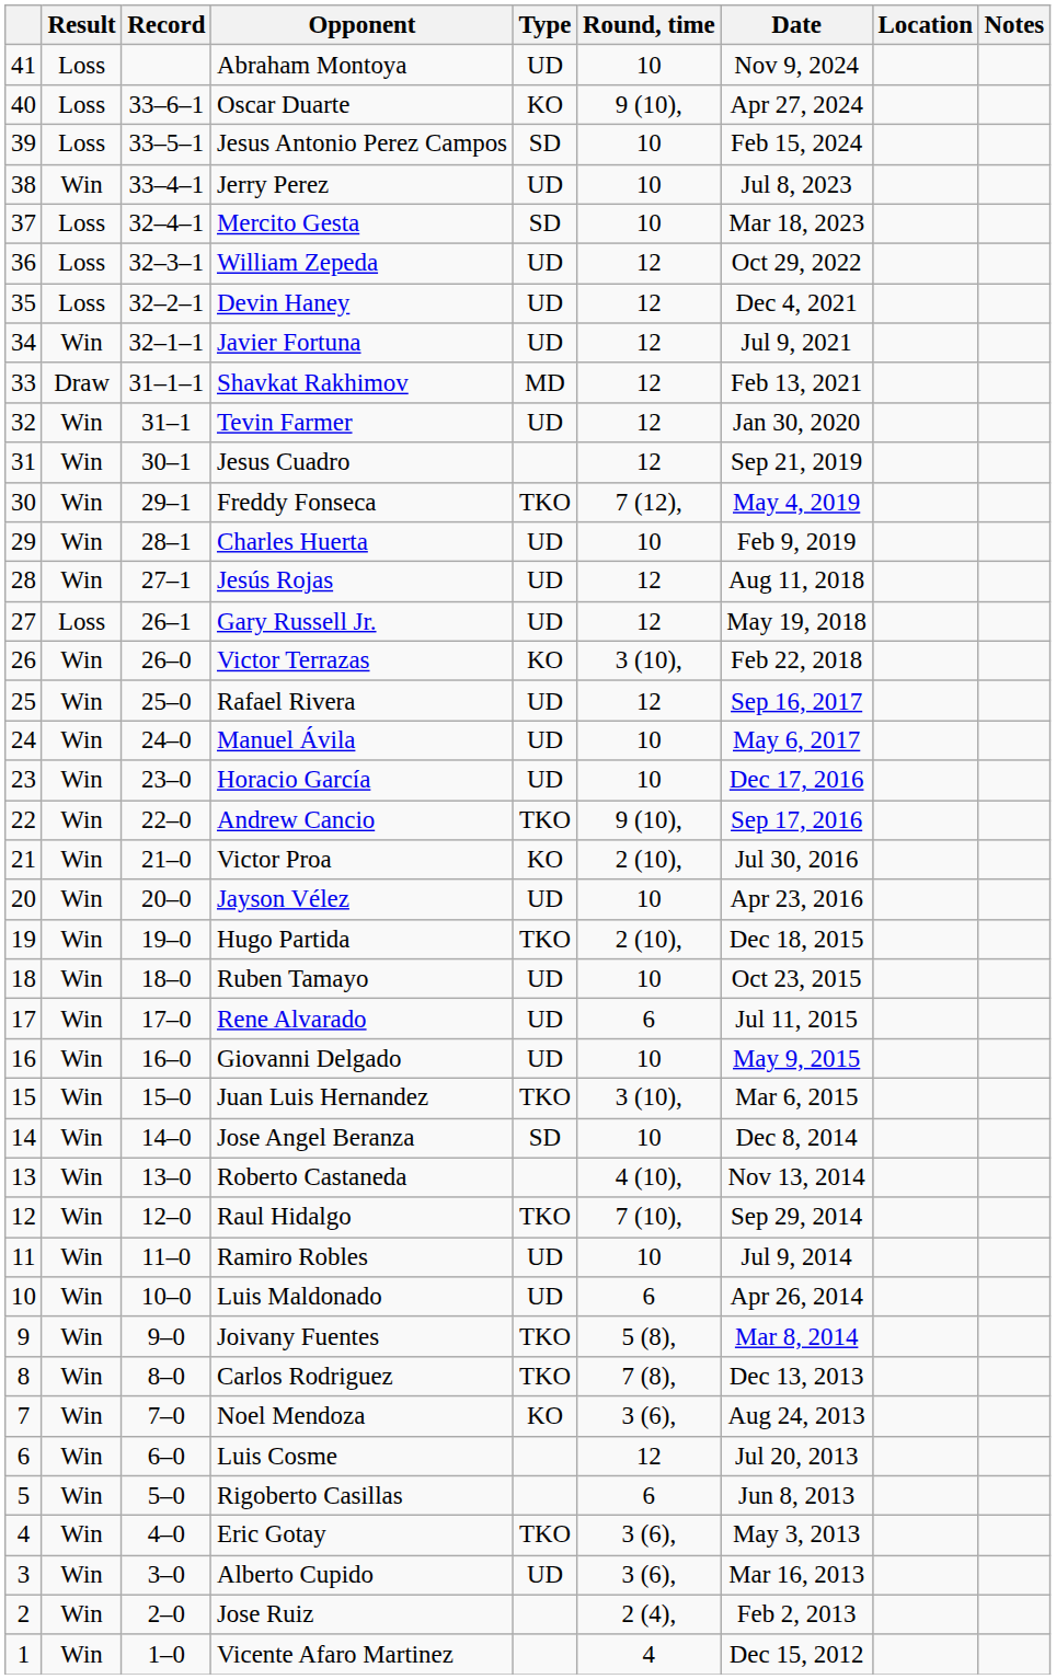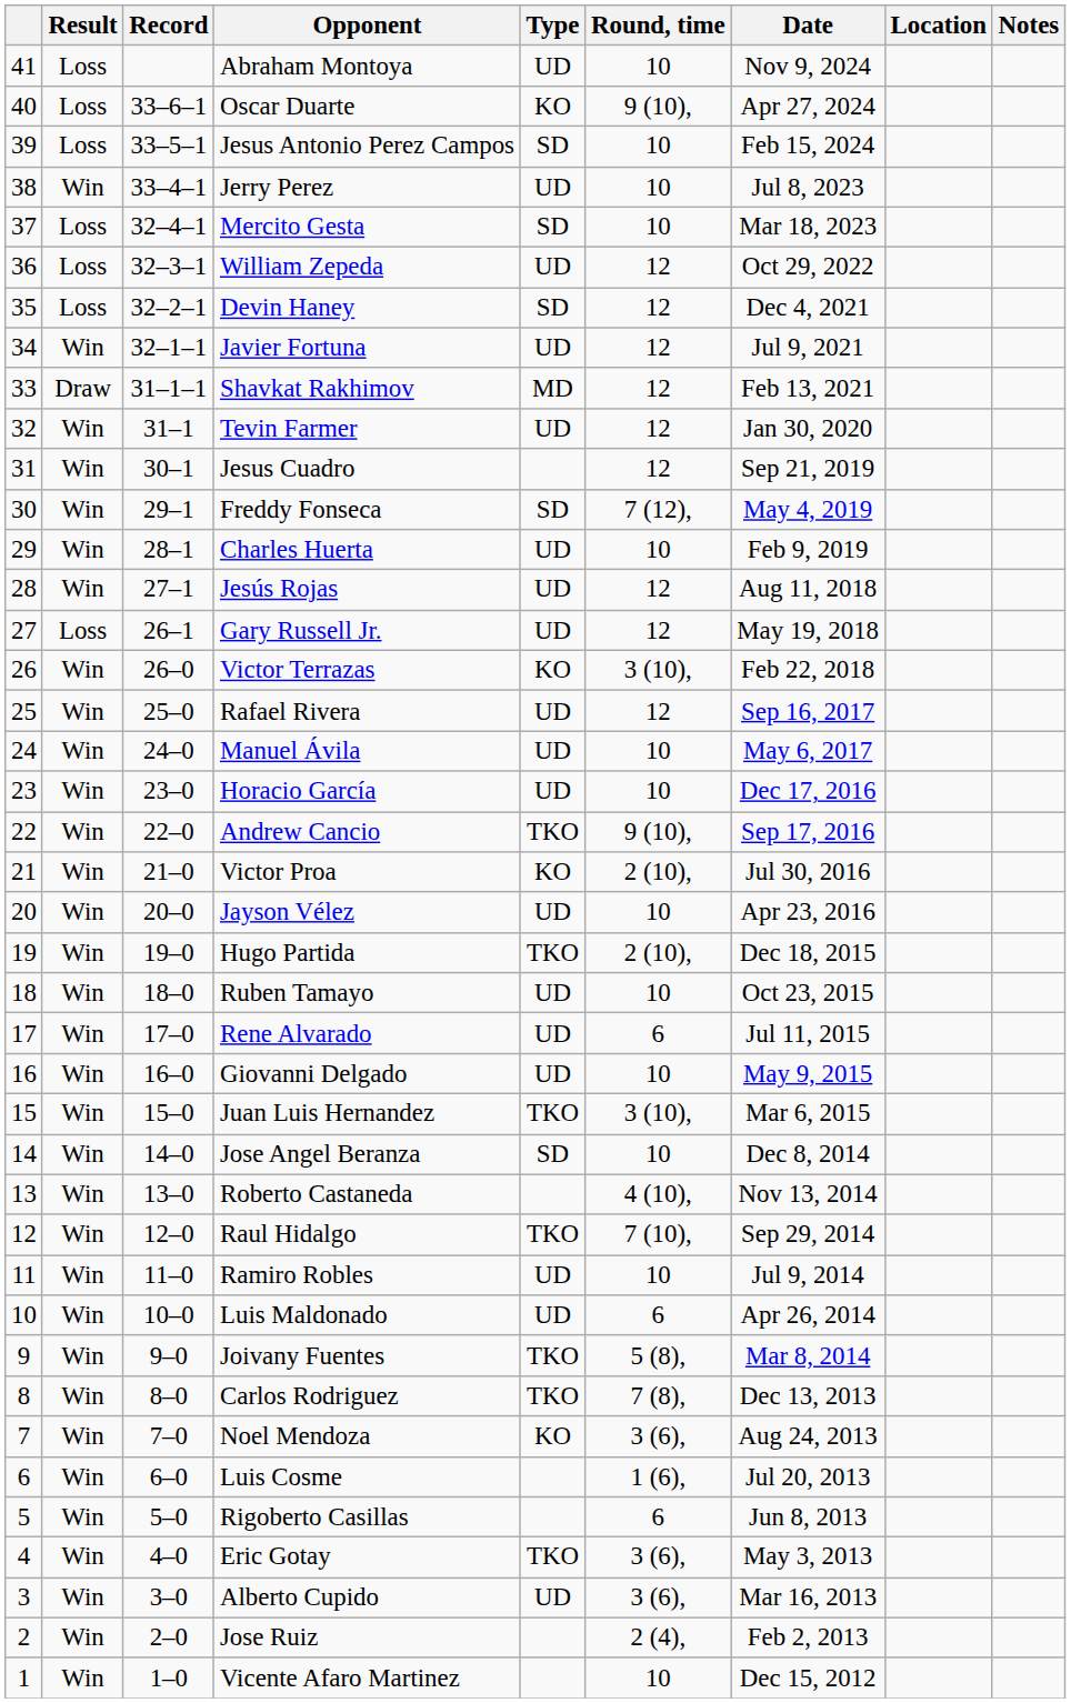 <table class="wikitable" style="text-align:center">
 <tr>
 <th></th>
 <th>Result</th>
 <th>Record</th>
 <th>Opponent</th>
 <th>Type</th>
 <th>Round, time</th>
 <th>Date</th>
 <th>Location</th>
 <th>Notes</th>
 </tr>
 <tr>
 <td>41</td>
 <td>Loss</td>
 <td></td>
 <td style="text-align:left;">Abraham Montoya</td>
 <td>UD</td>
 <td>10</td>
 <td>Nov 9, 2024</td>
 <td style="text-align:left;"></td>
 <td></td>
 </tr>
 <tr>
 <td>40</td>
 <td>Loss</td>
 <td>33–6–1</td>
 <td style="text-align:left;">Oscar Duarte</td>
 <td>KO</td>
 <td>9 (10), </td>
 <td>Apr 27, 2024</td>
 <td style="text-align:left;"></td>
 <td></td>
 </tr>
 <tr>
 <td>39</td>
 <td>Loss</td>
 <td>33–5–1</td>
 <td style="text-align:left;">Jesus Antonio Perez Campos</td>
 <td>SD</td>
 <td>10</td>
 <td>Feb 15, 2024</td>
 <td style="text-align:left;"></td>
 <td></td>
 </tr>
 <tr>
 <td>38</td>
 <td>Win</td>
 <td>33–4–1</td>
 <td style="text-align:left;">Jerry Perez</td>
 <td>UD</td>
 <td>10</td>
 <td>Jul 8, 2023</td>
 <td style="text-align:left;"></td>
 <td></td>
 </tr>
 <tr>
 <td>37</td>
 <td>Loss</td>
 <td>32–4–1</td>
 <td align=left><a href='#'>Mercito Gesta</a></td>
 <td>SD</td>
 <td>10</td>
 <td>Mar 18, 2023</td>
 <td style="text-align:left;"></td>
 <td></td>
 </tr>
 <tr>
 <td>36</td>
 <td>Loss</td>
 <td>32–3–1</td>
 <td style="text-align:left;"><a href='#'>William Zepeda</a></td>
 <td>UD</td>
 <td>12</td>
 <td>Oct 29, 2022</td>
 <td style="text-align:left;"></td>
 <td></td>
 </tr>
 <tr>
 <td>35</td>
 <td>Loss</td>
 <td>32–2–1</td>
 <td style="text-align:left;"><a href='#'>Devin Haney</a></td>
-<td>UD</td>
+<td>SD</td>
 <td>12</td>
 <td>Dec 4, 2021</td>
 <td style="text-align:left;"></td>
 <td style="text-align:left;"></td>
 </tr>
 <tr>
 <td>34</td>
 <td>Win</td>
 <td>32–1–1</td>
 <td style="text-align:left;"><a href='#'>Javier Fortuna</a></td>
 <td>UD</td>
 <td>12</td>
 <td>Jul 9, 2021</td>
 <td style="text-align:left;"></td>
 <td style="text-align:left;"></td>
 </tr>
 <tr>
 <td>33</td>
 <td>Draw</td>
 <td>31–1–1</td>
 <td style="text-align:left;"><a href='#'>Shavkat Rakhimov</a></td>
 <td>MD</td>
 <td>12</td>
 <td>Feb 13, 2021</td>
 <td style="text-align:left;"></td>
 <td></td>
 </tr>
 <tr>
 <td>32</td>
 <td>Win</td>
 <td>31–1</td>
 <td style="text-align:left;"><a href='#'>Tevin Farmer</a></td>
 <td>UD</td>
 <td>12</td>
 <td>Jan 30, 2020</td>
 <td style="text-align:left;"></td>
 <td style="text-align:left;"></td>
 </tr>
 <tr>
 <td>31</td>
 <td>Win</td>
 <td>30–1</td>
 <td style="text-align:left;">Jesus Cuadro</td>
 <td></td>
 <td>12</td>
 <td>Sep 21, 2019</td>
 <td style="text-align:left;"></td>
 <td></td>
 </tr>
 <tr>
 <td>30</td>
 <td>Win</td>
 <td>29–1</td>
 <td style="text-align:left;">Freddy Fonseca</td>
-<td>TKO</td>
+<td>SD</td>
 <td>7 (12), </td>
 <td><a href='#'>May 4, 2019</a></td>
 <td style="text-align:left;"></td>
 <td align=left></td>
 </tr>
 <tr>
 <td>29</td>
 <td>Win</td>
 <td>28–1</td>
 <td style="text-align:left;"><a href='#'>Charles Huerta</a></td>
 <td>UD</td>
 <td>10</td>
 <td>Feb 9, 2019</td>
 <td style="text-align:left;"></td>
 <td></td>
 </tr>
 <tr>
 <td>28</td>
 <td>Win</td>
 <td>27–1</td>
 <td style="text-align:left;"><a href='#'>Jesús Rojas</a></td>
 <td>UD</td>
 <td>12</td>
 <td>Aug 11, 2018</td>
 <td style="text-align:left;"></td>
 <td></td>
 </tr>
 <tr>
 <td>27</td>
 <td>Loss</td>
 <td>26–1</td>
 <td style="text-align:left;"><a href='#'>Gary Russell Jr.</a></td>
 <td>UD</td>
 <td>12</td>
 <td>May 19, 2018</td>
 <td style="text-align:left;"></td>
 <td style="text-align:left;"></td>
 </tr>
 <tr>
 <td>26</td>
 <td>Win</td>
 <td>26–0</td>
 <td style="text-align:left;"><a href='#'>Victor Terrazas</a></td>
 <td>KO</td>
 <td>3 (10), </td>
 <td>Feb 22, 2018</td>
 <td style="text-align:left;"></td>
 <td align=left></td>
 </tr>
 <tr>
 <td>25</td>
 <td>Win</td>
 <td>25–0</td>
 <td style="text-align:left;">Rafael Rivera</td>
 <td>UD</td>
 <td>12</td>
 <td><a href='#'>Sep 16, 2017</a></td>
 <td style="text-align:left;"></td>
 <td align=left></td>
 </tr>
 <tr>
 <td>24</td>
 <td>Win</td>
 <td>24–0</td>
 <td style="text-align:left;"><a href='#'>Manuel Ávila</a></td>
 <td>UD</td>
 <td>10</td>
 <td><a href='#'>May 6, 2017</a></td>
 <td style="text-align:left;"></td>
 <td align=left></td>
 </tr>
 <tr>
 <td>23</td>
 <td>Win</td>
 <td>23–0</td>
 <td style="text-align:left;"><a href='#'>Horacio García</a></td>
 <td>UD</td>
 <td>10</td>
 <td><a href='#'>Dec 17, 2016</a></td>
 <td style="text-align:left;"></td>
 <td align=left></td>
 </tr>
 <tr>
 <td>22</td>
 <td>Win</td>
 <td>22–0</td>
 <td style="text-align:left;"><a href='#'>Andrew Cancio</a></td>
 <td>TKO</td>
 <td>9 (10), </td>
 <td><a href='#'>Sep 17, 2016</a></td>
 <td style="text-align:left;"></td>
 <td align=left></td>
 </tr>
 <tr>
 <td>21</td>
 <td>Win</td>
 <td>21–0</td>
 <td style="text-align:left;">Victor Proa</td>
 <td>KO</td>
 <td>2 (10), </td>
 <td>Jul 30, 2016</td>
 <td style="text-align:left;"></td>
 <td align=left></td>
 </tr>
 <tr>
 <td>20</td>
 <td>Win</td>
 <td>20–0</td>
 <td style="text-align:left;"><a href='#'>Jayson Vélez</a></td>
 <td>UD</td>
 <td>10</td>
 <td>Apr 23, 2016</td>
 <td style="text-align:left;"></td>
 <td align=left></td>
 </tr>
 <tr>
 <td>19</td>
 <td>Win</td>
 <td>19–0</td>
 <td style="text-align:left;">Hugo Partida</td>
 <td>TKO</td>
 <td>2 (10), </td>
 <td>Dec 18, 2015</td>
 <td style="text-align:left;"></td>
 <td align=left></td>
 </tr>
 <tr>
 <td>18</td>
 <td>Win</td>
 <td>18–0</td>
 <td style="text-align:left;">Ruben Tamayo</td>
 <td>UD</td>
 <td>10</td>
 <td>Oct 23, 2015</td>
 <td style="text-align:left;"></td>
 <td></td>
 </tr>
 <tr>
 <td>17</td>
 <td>Win</td>
 <td>17–0</td>
 <td style="text-align:left;"><a href='#'>Rene Alvarado</a></td>
 <td>UD</td>
 <td>6</td>
 <td>Jul 11, 2015</td>
 <td style="text-align:left;"></td>
 <td></td>
 </tr>
 <tr>
 <td>16</td>
 <td>Win</td>
 <td>16–0</td>
 <td style="text-align:left;">Giovanni Delgado</td>
 <td>UD</td>
 <td>10</td>
 <td><a href='#'>May 9, 2015</a></td>
 <td style="text-align:left;"></td>
 <td></td>
 </tr>
 <tr>
 <td>15</td>
 <td>Win</td>
 <td>15–0</td>
 <td style="text-align:left;">Juan Luis Hernandez</td>
 <td>TKO</td>
 <td>3 (10), </td>
 <td>Mar 6, 2015</td>
 <td style="text-align:left;"></td>
 <td></td>
 </tr>
 <tr>
 <td>14</td>
 <td>Win</td>
 <td>14–0</td>
 <td style="text-align:left;">Jose Angel Beranza</td>
 <td>SD</td>
 <td>10</td>
 <td>Dec 8, 2014</td>
 <td style="text-align:left;"></td>
 <td></td>
 </tr>
 <tr>
 <td>13</td>
 <td>Win</td>
 <td>13–0</td>
 <td style="text-align:left;">Roberto Castaneda</td>
 <td></td>
 <td>4 (10), </td>
 <td>Nov 13, 2014</td>
 <td style="text-align:left;"></td>
 <td></td>
 </tr>
 <tr>
 <td>12</td>
 <td>Win</td>
 <td>12–0</td>
 <td style="text-align:left;">Raul Hidalgo</td>
 <td>TKO</td>
 <td>7 (10), </td>
 <td>Sep 29, 2014</td>
 <td style="text-align:left;"></td>
 <td></td>
 </tr>
 <tr>
 <td>11</td>
 <td>Win</td>
 <td>11–0</td>
 <td style="text-align:left;">Ramiro Robles</td>
 <td>UD</td>
 <td>10</td>
 <td>Jul 9, 2014</td>
 <td style="text-align:left;"></td>
 <td></td>
 </tr>
 <tr>
 <td>10</td>
 <td>Win</td>
 <td>10–0</td>
 <td style="text-align:left;">Luis Maldonado</td>
 <td>UD</td>
 <td>6</td>
 <td>Apr 26, 2014</td>
 <td style="text-align:left;"></td>
 <td></td>
 </tr>
 <tr>
 <td>9</td>
 <td>Win</td>
 <td>9–0</td>
 <td style="text-align:left;">Joivany Fuentes</td>
 <td>TKO</td>
 <td>5 (8), </td>
 <td><a href='#'>Mar 8, 2014</a></td>
 <td style="text-align:left;"></td>
 <td></td>
 </tr>
 <tr>
 <td>8</td>
 <td>Win</td>
 <td>8–0</td>
 <td style="text-align:left;">Carlos Rodriguez</td>
 <td>TKO</td>
 <td>7 (8), </td>
 <td>Dec 13, 2013</td>
 <td style="text-align:left;"></td>
 <td></td>
 </tr>
 <tr>
 <td>7</td>
 <td>Win</td>
 <td>7–0</td>
 <td style="text-align:left;">Noel Mendoza</td>
 <td>KO</td>
 <td>3 (6), </td>
 <td>Aug 24, 2013</td>
 <td style="text-align:left;"></td>
 <td></td>
 </tr>
 <tr>
 <td>6</td>
 <td>Win</td>
 <td>6–0</td>
 <td style="text-align:left;">Luis Cosme</td>
 <td></td>
-<td>12</td>
+<td>1 (6), </td>
 <td>Jul 20, 2013</td>
 <td style="text-align:left;"></td>
 <td></td>
 </tr>
 <tr>
 <td>5</td>
 <td>Win</td>
 <td>5–0</td>
 <td style="text-align:left;">Rigoberto Casillas</td>
 <td></td>
 <td>6</td>
 <td>Jun 8, 2013</td>
 <td style="text-align:left;"></td>
 <td></td>
 </tr>
 <tr>
 <td>4</td>
 <td>Win</td>
 <td>4–0</td>
 <td style="text-align:left;">Eric Gotay</td>
 <td>TKO</td>
 <td>3 (6), </td>
 <td>May 3, 2013</td>
 <td style="text-align:left;"></td>
 <td></td>
 </tr>
 <tr>
 <td>3</td>
 <td>Win</td>
 <td>3–0</td>
 <td style="text-align:left;">Alberto Cupido</td>
 <td>UD</td>
 <td>3 (6), </td>
 <td>Mar 16, 2013</td>
 <td style="text-align:left;"></td>
 <td></td>
 </tr>
 <tr>
 <td>2</td>
 <td>Win</td>
 <td>2–0</td>
 <td style="text-align:left;">Jose Ruiz</td>
 <td></td>
 <td>2 (4), </td>
 <td>Feb 2, 2013</td>
 <td style="text-align:left;"></td>
 <td></td>
 </tr>
 <tr>
 <td>1</td>
 <td>Win</td>
 <td>1–0</td>
 <td style="text-align:left;">Vicente Afaro Martinez</td>
 <td></td>
-<td>4</td>
+<td>10</td>
 <td>Dec 15, 2012</td>
 <td style="text-align:left;"></td>
 <td></td>
 </tr>
 </table>
